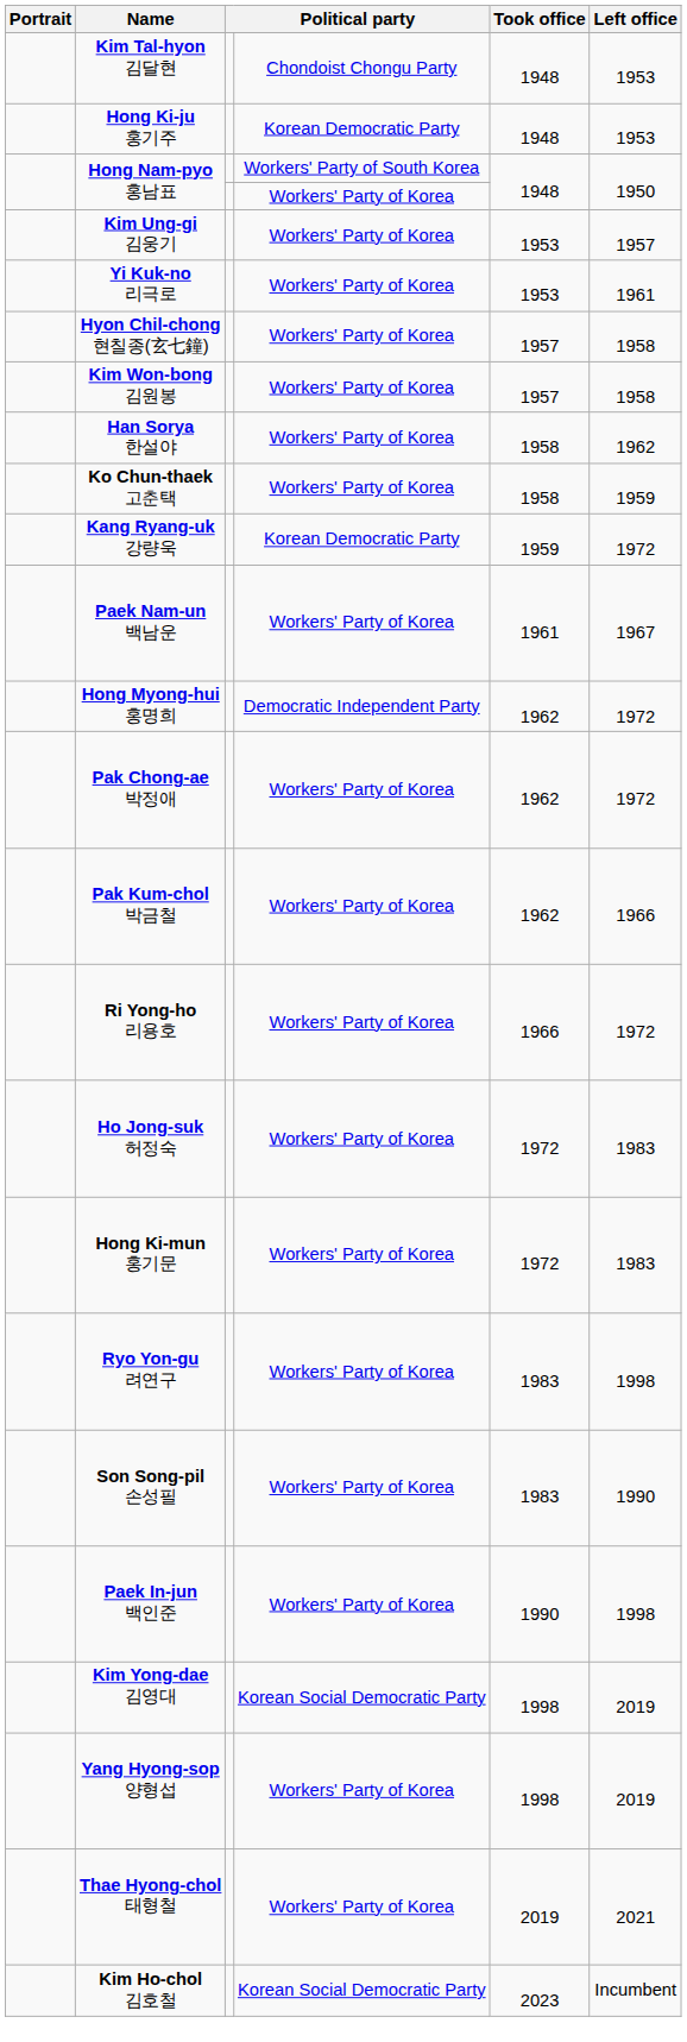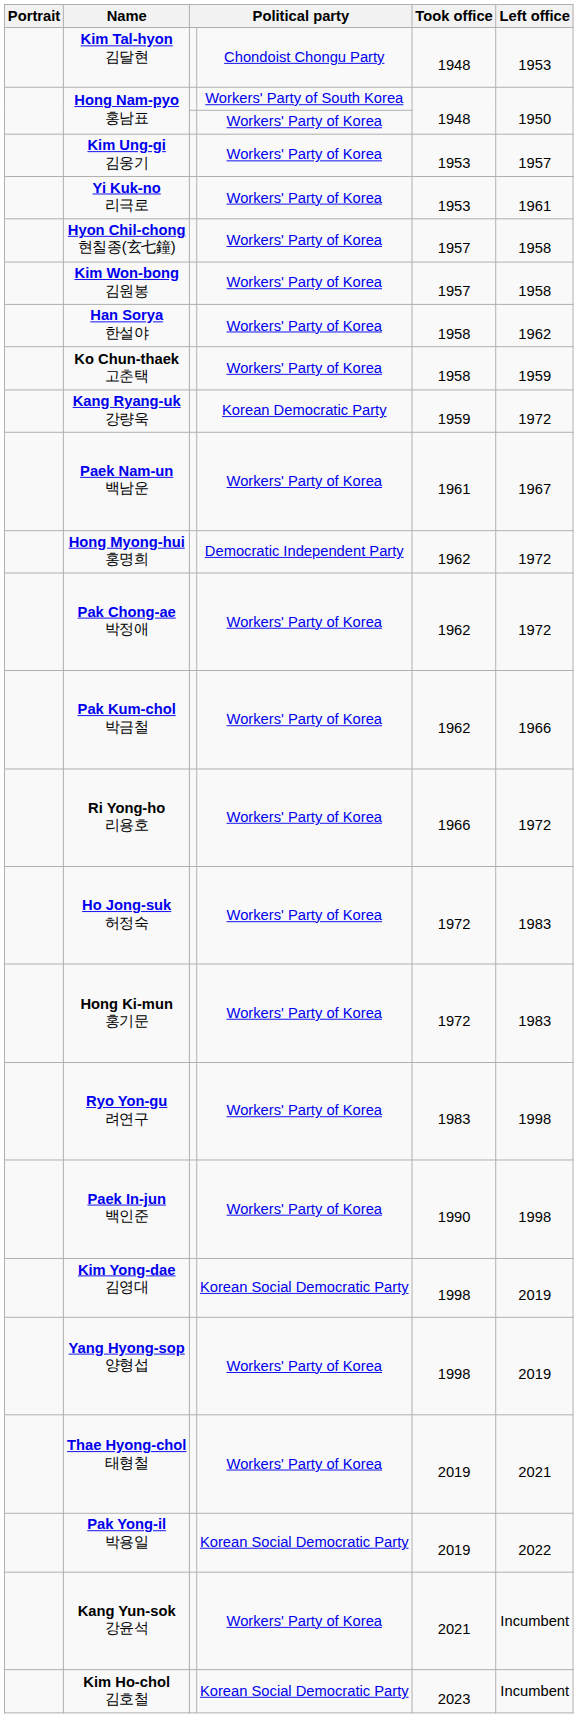 <table class="wikitable" style="text-align:center; border:1px #AAAAFF solid">
 <tr>
 <th>Portrait</th>
 <th>Name</th>
 <th colspan="2">Political party</th>
 <th>Took office</th>
 <th>Left office</th>
 </tr>
 <tr>
 <td rowspan="1"></td>
 <td><a href='#'><strong>Kim Tal-hyon</strong></a><br>김달현<br><br></td>
 <td style="background:"></td>
 <td><a href='#'>Chondoist Chongu Party</a></td>
-<td rowspan="1"><br>1948</td>
-<td rowspan="1"><br>1953</td>
-</tr>
-<tr |}>
-<td rowspan="1"></td>
-<td><strong><a href='#'>Hong Ki-ju</a></strong><br>홍기주</td>
-<td style="background:"></td>
-<td><a href='#'>Korean Democratic Party</a></td>
 <td rowspan="1"><br>1948</td>
 <td rowspan="1"><br>1953</td>
 </tr>
 <tr>
 <td rowspan="2"></td>
 <td rowspan="2"><strong><a href='#'>Hong Nam-pyo</a></strong><br>홍남표<br></td>
 <td style="background:"></td>
 <td><a href='#'>Workers' Party of South Korea</a><br></td>
 <td rowspan="2"><br>1948</td>
 <td rowspan="2"><br>1950</td>
 </tr>
 <tr>
 <td style="background:"></td>
 <td><a href='#'>Workers' Party of Korea</a><br></td>
 </tr>
 <tr>
 <td rowspan="1"></td>
 <td><strong><a href='#'>Kim Ung-gi</a></strong><br>김웅기</td>
 <td style="background:"></td>
 <td><a href='#'>Workers' Party of Korea</a></td>
 <td rowspan="1"><br>1953</td>
 <td rowspan="1"><br>1957</td>
 </tr>
 <tr>
 <td rowspan="1"></td>
 <td><strong><a href='#'>Yi Kuk-no</a></strong><br>리극로<br></td>
 <td style="background:"></td>
 <td><a href='#'>Workers' Party of Korea</a></td>
 <td rowspan="1"><br>1953</td>
 <td rowspan="1"><br>1961</td>
 </tr>
 <tr>
 <td rowspan="1"></td>
 <td><strong><a href='#'>Hyon Chil-chong</a></strong><br>현칠종(玄七鐘)</td>
 <td style="background:"></td>
 <td><a href='#'>Workers' Party of Korea</a></td>
 <td rowspan="1"><br>1957</td>
 <td rowspan="1"><br>1958</td>
 </tr>
 <tr>
 <td rowspan="1"></td>
 <td><strong><a href='#'>Kim Won-bong</a></strong><br>김원봉<br></td>
 <td style="background:"></td>
 <td><a href='#'>Workers' Party of Korea</a></td>
 <td rowspan="1"><br>1957</td>
 <td rowspan="1"><br>1958</td>
 </tr>
 <tr>
 <td rowspan="1"></td>
 <td><strong><a href='#'>Han Sorya</a></strong><br>한설야<br></td>
 <td style="background:"></td>
 <td><a href='#'>Workers' Party of Korea</a></td>
 <td rowspan="1"><br>1958</td>
 <td rowspan="1"><br>1962</td>
 </tr>
 <tr>
 <td rowspan="1"></td>
 <td><strong>Ko Chun-thaek</strong><br>고춘택</td>
 <td style="background:"></td>
 <td><a href='#'>Workers' Party of Korea</a></td>
 <td rowspan="1"><br>1958</td>
 <td rowspan="1"><br>1959</td>
 </tr>
 <tr>
 <td rowspan="1"></td>
 <td><strong><a href='#'>Kang Ryang-uk</a></strong><br>강량욱<br></td>
 <td style="background:"></td>
 <td><a href='#'>Korean Democratic Party</a></td>
 <td rowspan="1"><br>1959</td>
 <td rowspan="1"><br>1972</td>
 </tr>
 <tr>
 <td rowspan="1"></td>
 <td><strong><a href='#'>Paek Nam-un</a></strong><br><span>백남운</span><br></td>
 <td height="99" rowspan="1" style="background:"></td>
 <td rowspan="1"><a href='#'>Workers' Party of Korea</a></td>
 <td rowspan="1"><br>1961</td>
 <td rowspan="1"><br>1967</td>
 </tr>
 <tr>
 <td rowspan="1"></td>
 <td><strong><a href='#'>Hong Myong-hui</a></strong><br><span>홍명희</span><br></td>
 <td style="background:"></td>
 <td><a href='#'>Democratic Independent Party</a></td>
 <td rowspan="1"><br>1962</td>
 <td rowspan="1"><br>1972</td>
 </tr>
 <tr>
 <td rowspan="1"></td>
 <td><strong><a href='#'>Pak Chong-ae</a></strong><br><span>박정애</span><br></td>
 <td height="99" rowspan="1" style="background:"></td>
 <td rowspan="1"><a href='#'>Workers' Party of Korea</a></td>
 <td rowspan="1"><br>1962</td>
 <td rowspan="1"><br>1972</td>
 </tr>
 <tr>
 <td rowspan="1"></td>
 <td><strong><a href='#'>Pak Kum-chol</a></strong><br><span>박금철</span><br></td>
 <td height="99" rowspan="1" style="background:"></td>
 <td rowspan="1"><a href='#'>Workers' Party of Korea</a></td>
 <td rowspan="1"><br>1962</td>
 <td rowspan="1"><br>1966</td>
 </tr>
 <tr>
 <td rowspan="1"></td>
 <td><strong>Ri Yong-ho</strong><br>리용호</td>
 <td height="99" rowspan="1" style="background:"></td>
 <td rowspan="1"><a href='#'>Workers' Party of Korea</a></td>
 <td rowspan="1"><br>1966</td>
 <td rowspan="1"><br>1972</td>
 </tr>
 <tr>
 <td rowspan="1"></td>
 <td><strong><a href='#'>Ho Jong-suk</a></strong><br><span>허정숙</span><br></td>
 <td height="99" rowspan="1" style="background:"></td>
 <td rowspan="1"><a href='#'>Workers' Party of Korea</a></td>
 <td rowspan="1"><br>1972</td>
 <td rowspan="1"><br>1983</td>
 </tr>
 <tr>
 <td rowspan="1"></td>
 <td><strong>Hong Ki-mun</strong><br><span>홍기문</span><br></td>
 <td height="99" rowspan="1" style="background:"></td>
 <td rowspan="1"><a href='#'>Workers' Party of Korea</a></td>
 <td rowspan="1"><br>1972</td>
 <td rowspan="1"><br>1983</td>
 </tr>
 <tr>
 <td rowspan="1"></td>
 <td><strong><a href='#'>Ryo Yon-gu</a></strong><br>려연구<br></td>
 <td height="99" rowspan="1" style="background:"></td>
 <td rowspan="1"><a href='#'>Workers' Party of Korea</a></td>
 <td rowspan="1"><br>1983</td>
 <td rowspan="1"><br>1998</td>
 </tr>
 <tr>
 <td rowspan="1"></td>
-<td><strong>Son Song-pil</strong><br><span>손성필</span><br></td>
-<td height="99" rowspan="1" style="background:"></td>
-<td rowspan="1"><a href='#'>Workers' Party of Korea</a></td>
-<td rowspan="1"><br>1983</td>
-<td rowspan="1"><br>1990</td>
-</tr>
-<tr>
-<td rowspan="1"></td>
 <td><strong><a href='#'>Paek In-jun</a></strong><br><span>백인준</span><br></td>
 <td height="99" rowspan="1" style="background:"></td>
 <td rowspan="1"><a href='#'>Workers' Party of Korea</a></td>
 <td rowspan="1"><br>1990</td>
 <td rowspan="1"><br>1998</td>
 </tr>
 <tr>
 <td></td>
 <td><strong><a href='#'>Kim Yong-dae</a></strong><br><span>김영대</span><br><br></td>
 <td style="background:"></td>
 <td><a href='#'>Korean Social Democratic Party</a></td>
 <td rowspan="1"><br>1998</td>
 <td rowspan="1"><br>2019</td>
 </tr>
 <tr>
 <td></td>
 <td><strong><a href='#'>Yang Hyong-sop</a></strong><br><span>양형섭</span><br><br></td>
 <td height="99" rowspan="1" style="background:"></td>
 <td rowspan="1"><a href='#'>Workers' Party of Korea</a></td>
 <td rowspan="1"><br>1998</td>
 <td rowspan="1"><br>2019</td>
 </tr>
 <tr>
 <td></td>
 <td><strong><a href='#'>Thae Hyong-chol</a></strong><br><span>태형철</span><br><br></td>
 <td height="99" rowspan="1" style="background:"></td>
 <td rowspan="1"><a href='#'>Workers' Party of Korea</a></td>
 <td rowspan="1"><br>2019</td>
 <td rowspan="1"><br>2021</td>
 </tr>
 <tr>
 <td></td>
+<td><strong><a href='#'>Pak Yong-il</a></strong><br><span>박용일</span><br><br></td>
+<td style="background:"></td>
+<td><a href='#'>Korean Social Democratic Party</a></td>
+<td rowspan="1"><br>2019</td>
+<td rowspan="1"><br>2022</td>
+</tr>
+<tr>
+<td></td>
+<td><strong>Kang Yun-sok</strong><br><span>강윤석</span><br></td>
+<td height="99" rowspan="1" style="background:"></td>
+<td rowspan="1"><a href='#'>Workers' Party of Korea</a></td>
+<td rowspan="1"><br>2021</td>
+<td>Incumbent</td>
+</tr>
+<tr>
+<td></td>
 <td><strong>Kim Ho-chol</strong><br>김호철<br></td>
 <td style="background:"></td>
 <td><a href='#'>Korean Social Democratic Party</a></td>
 <td rowspan="1"><br>2023</td>
 <td>Incumbent</td>
 </tr>
 </table>
